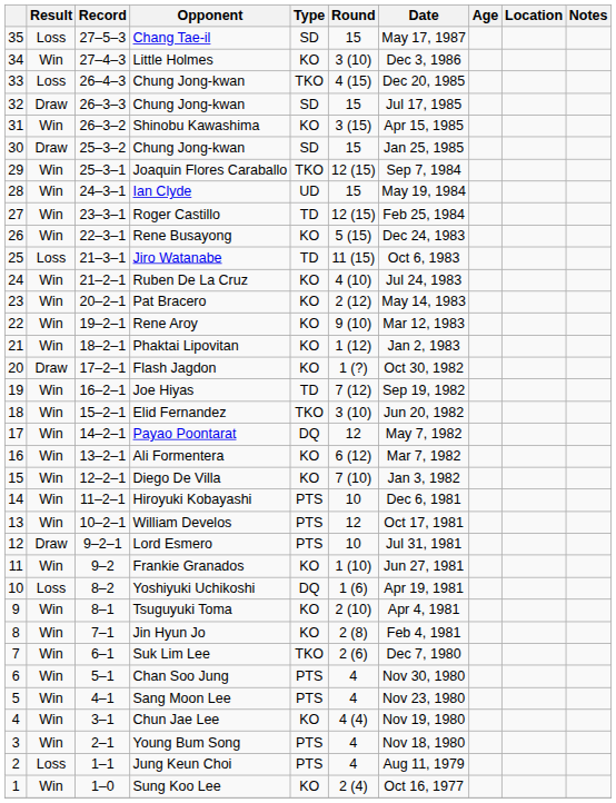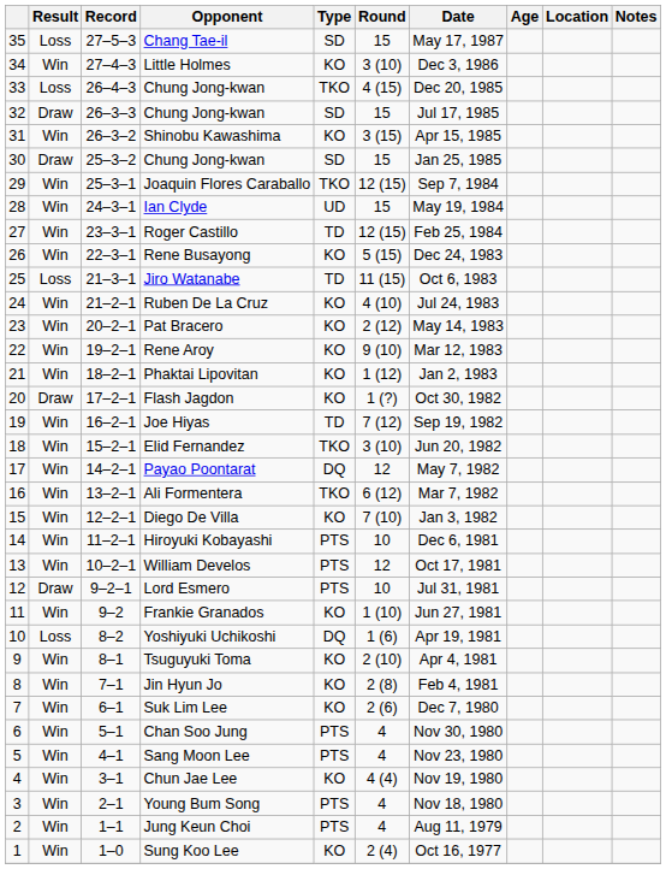 <table class="wikitable" style="text-align:center">
 <tr>
 <th></th>
 <th>Result</th>
 <th>Record</th>
 <th>Opponent</th>
 <th>Type</th>
 <th>Round</th>
 <th>Date</th>
 <th>Age</th>
 <th>Location</th>
 <th>Notes</th>
 </tr>
 <tr>
 <td>35</td>
 <td>Loss</td>
 <td>27–5–3</td>
 <td align=left><a href='#'>Chang Tae-il</a></td>
 <td>SD</td>
 <td>15</td>
 <td>May 17, 1987</td>
 <td style="text-align:left;"></td>
 <td style="text-align:left;"></td>
 <td style="text-align:left;"></td>
 </tr>
 <tr>
 <td>34</td>
 <td>Win</td>
 <td>27–4–3</td>
 <td align=left>Little Holmes</td>
 <td>KO</td>
 <td>3 (10)</td>
 <td>Dec 3, 1986</td>
 <td style="text-align:left;"></td>
 <td style="text-align:left;"></td>
 <td></td>
 </tr>
 <tr>
 <td>33</td>
 <td>Loss</td>
 <td>26–4–3</td>
 <td align=left>Chung Jong-kwan</td>
 <td>TKO</td>
 <td>4 (15)</td>
 <td>Dec 20, 1985</td>
 <td style="text-align:left;"></td>
 <td style="text-align:left;"></td>
 <td style="text-align:left;"></td>
 </tr>
 <tr>
 <td>32</td>
 <td>Draw</td>
 <td>26–3–3</td>
 <td align=left>Chung Jong-kwan</td>
 <td>SD</td>
 <td>15</td>
 <td>Jul 17, 1985</td>
 <td style="text-align:left;"></td>
 <td style="text-align:left;"></td>
 <td style="text-align:left;"></td>
 </tr>
 <tr>
 <td>31</td>
 <td>Win</td>
 <td>26–3–2</td>
 <td align=left>Shinobu Kawashima</td>
 <td>KO</td>
 <td>3 (15)</td>
 <td>Apr 15, 1985</td>
 <td style="text-align:left;"></td>
 <td style="text-align:left;"></td>
 <td style="text-align:left;"></td>
 </tr>
 <tr>
 <td>30</td>
 <td>Draw</td>
 <td>25–3–2</td>
 <td align=left>Chung Jong-kwan</td>
 <td>SD</td>
 <td>15</td>
 <td>Jan 25, 1985</td>
 <td style="text-align:left;"></td>
 <td style="text-align:left;"></td>
 <td style="text-align:left;"></td>
 </tr>
 <tr>
 <td>29</td>
 <td>Win</td>
 <td>25–3–1</td>
 <td align=left>Joaquin Flores Caraballo</td>
 <td>TKO</td>
 <td>12 (15)</td>
 <td>Sep 7, 1984</td>
 <td style="text-align:left;"></td>
 <td style="text-align:left;"></td>
 <td style="text-align:left;"></td>
 </tr>
 <tr>
 <td>28</td>
 <td>Win</td>
 <td>24–3–1</td>
 <td align=left><a href='#'>Ian Clyde</a></td>
 <td>UD</td>
 <td>15</td>
 <td>May 19, 1984</td>
 <td style="text-align:left;"></td>
 <td style="text-align:left;"></td>
 <td style="text-align:left;"></td>
 </tr>
 <tr>
 <td>27</td>
 <td>Win</td>
 <td>23–3–1</td>
 <td align=left>Roger Castillo</td>
 <td>TD</td>
 <td>12 (15)</td>
 <td>Feb 25, 1984</td>
 <td style="text-align:left;"></td>
 <td style="text-align:left;"></td>
 <td style="text-align:left;"></td>
 </tr>
 <tr>
 <td>26</td>
 <td>Win</td>
 <td>22–3–1</td>
 <td align=left>Rene Busayong</td>
 <td>KO</td>
 <td>5 (15)</td>
 <td>Dec 24, 1983</td>
 <td style="text-align:left;"></td>
 <td style="text-align:left;"></td>
 <td style="text-align:left;"></td>
 </tr>
 <tr>
 <td>25</td>
 <td>Loss</td>
 <td>21–3–1</td>
 <td align=left><a href='#'>Jiro Watanabe</a></td>
 <td>TD</td>
 <td>11 (15)</td>
 <td>Oct 6, 1983</td>
 <td style="text-align:left;"></td>
 <td style="text-align:left;"></td>
 <td style="text-align:left;"></td>
 </tr>
 <tr>
 <td>24</td>
 <td>Win</td>
 <td>21–2–1</td>
 <td align=left>Ruben De La Cruz</td>
 <td>KO</td>
 <td>4 (10)</td>
 <td>Jul 24, 1983</td>
 <td style="text-align:left;"></td>
 <td style="text-align:left;"></td>
 <td></td>
 </tr>
 <tr>
 <td>23</td>
 <td>Win</td>
 <td>20–2–1</td>
 <td align=left>Pat Bracero</td>
 <td>KO</td>
 <td>2 (12)</td>
 <td>May 14, 1983</td>
 <td style="text-align:left;"></td>
 <td style="text-align:left;"></td>
 <td style="text-align:left;"></td>
 </tr>
 <tr>
 <td>22</td>
 <td>Win</td>
 <td>19–2–1</td>
 <td align=left>Rene Aroy</td>
 <td>KO</td>
 <td>9 (10)</td>
 <td>Mar 12, 1983</td>
 <td style="text-align:left;"></td>
 <td style="text-align:left;"></td>
 <td></td>
 </tr>
 <tr>
 <td>21</td>
 <td>Win</td>
 <td>18–2–1</td>
 <td align=left>Phaktai Lipovitan</td>
 <td>KO</td>
 <td>1 (12)</td>
 <td>Jan 2, 1983</td>
 <td style="text-align:left;"></td>
 <td style="text-align:left;"></td>
 <td style="text-align:left;"></td>
 </tr>
 <tr>
 <td>20</td>
 <td>Draw</td>
 <td>17–2–1</td>
 <td align=left>Flash Jagdon</td>
 <td>KO</td>
 <td>1 (?)</td>
 <td>Oct 30, 1982</td>
 <td style="text-align:left;"></td>
 <td style="text-align:left;"></td>
 <td></td>
 </tr>
 <tr>
 <td>19</td>
 <td>Win</td>
 <td>16–2–1</td>
 <td align=left>Joe Hiyas</td>
 <td>TD</td>
 <td>7 (12)</td>
 <td>Sep 19, 1982</td>
 <td style="text-align:left;"></td>
 <td style="text-align:left;"></td>
 <td style="text-align:left;"></td>
 </tr>
 <tr>
 <td>18</td>
 <td>Win</td>
 <td>15–2–1</td>
 <td align=left>Elid Fernandez</td>
 <td>TKO</td>
 <td>3 (10)</td>
 <td>Jun 20, 1982</td>
 <td style="text-align:left;"></td>
 <td style="text-align:left;"></td>
 <td></td>
 </tr>
 <tr>
 <td>17</td>
 <td>Win</td>
 <td>14–2–1</td>
 <td align=left><a href='#'>Payao Poontarat</a></td>
 <td>DQ</td>
 <td>12</td>
 <td>May 7, 1982</td>
 <td style="text-align:left;"></td>
 <td style="text-align:left;"></td>
 <td style="text-align:left;"></td>
 </tr>
 <tr>
 <td>16</td>
 <td>Win</td>
 <td>13–2–1</td>
 <td align=left>Ali Formentera</td>
-<td>KO</td>
+<td>TKO</td>
 <td>6 (12)</td>
 <td>Mar 7, 1982</td>
 <td style="text-align:left;"></td>
 <td style="text-align:left;"></td>
 <td style="text-align:left;"></td>
 </tr>
 <tr>
 <td>15</td>
 <td>Win</td>
 <td>12–2–1</td>
 <td align=left>Diego De Villa</td>
 <td>KO</td>
 <td>7 (10)</td>
 <td>Jan 3, 1982</td>
 <td style="text-align:left;"></td>
 <td style="text-align:left;"></td>
 <td></td>
 </tr>
 <tr>
 <td>14</td>
 <td>Win</td>
 <td>11–2–1</td>
 <td align=left>Hiroyuki Kobayashi</td>
 <td>PTS</td>
 <td>10</td>
 <td>Dec 6, 1981</td>
 <td style="text-align:left;"></td>
 <td style="text-align:left;"></td>
 <td></td>
 </tr>
 <tr>
 <td>13</td>
 <td>Win</td>
 <td>10–2–1</td>
 <td align=left>William Develos</td>
 <td>PTS</td>
 <td>12</td>
 <td>Oct 17, 1981</td>
 <td style="text-align:left;"></td>
 <td style="text-align:left;"></td>
 <td style="text-align:left;"></td>
 </tr>
 <tr>
 <td>12</td>
 <td>Draw</td>
 <td>9–2–1</td>
 <td align=left>Lord Esmero</td>
 <td>PTS</td>
 <td>10</td>
 <td>Jul 31, 1981</td>
 <td style="text-align:left;"></td>
 <td style="text-align:left;"></td>
 <td></td>
 </tr>
 <tr>
 <td>11</td>
 <td>Win</td>
 <td>9–2</td>
 <td align=left>Frankie Granados</td>
 <td>KO</td>
 <td>1 (10)</td>
 <td>Jun 27, 1981</td>
 <td style="text-align:left;"></td>
 <td style="text-align:left;"></td>
 <td></td>
 </tr>
 <tr>
 <td>10</td>
 <td>Loss</td>
 <td>8–2</td>
 <td align=left>Yoshiyuki Uchikoshi</td>
 <td>DQ</td>
 <td>1 (6)</td>
 <td>Apr 19, 1981</td>
 <td style="text-align:left;"></td>
 <td style="text-align:left;"></td>
 <td></td>
 </tr>
 <tr>
 <td>9</td>
 <td>Win</td>
 <td>8–1</td>
 <td align=left>Tsuguyuki Toma</td>
 <td>KO</td>
 <td>2 (10)</td>
 <td>Apr 4, 1981</td>
 <td style="text-align:left;"></td>
 <td style="text-align:left;"></td>
 <td></td>
 </tr>
 <tr>
 <td>8</td>
 <td>Win</td>
 <td>7–1</td>
 <td align=left>Jin Hyun Jo</td>
 <td>KO</td>
 <td>2 (8)</td>
 <td>Feb 4, 1981</td>
 <td style="text-align:left;"></td>
 <td style="text-align:left;"></td>
 <td></td>
 </tr>
 <tr>
 <td>7</td>
 <td>Win</td>
 <td>6–1</td>
 <td align=left>Suk Lim Lee</td>
-<td>TKO</td>
+<td>KO</td>
 <td>2 (6)</td>
 <td>Dec 7, 1980</td>
 <td style="text-align:left;"></td>
 <td style="text-align:left;"></td>
 <td></td>
 </tr>
 <tr>
 <td>6</td>
 <td>Win</td>
 <td>5–1</td>
 <td align=left>Chan Soo Jung</td>
 <td>PTS</td>
 <td>4</td>
 <td>Nov 30, 1980</td>
 <td style="text-align:left;"></td>
 <td style="text-align:left;"></td>
 <td></td>
 </tr>
 <tr>
 <td>5</td>
 <td>Win</td>
 <td>4–1</td>
 <td align=left>Sang Moon Lee</td>
 <td>PTS</td>
 <td>4</td>
 <td>Nov 23, 1980</td>
 <td style="text-align:left;"></td>
 <td style="text-align:left;"></td>
 <td></td>
 </tr>
 <tr>
 <td>4</td>
 <td>Win</td>
 <td>3–1</td>
 <td align=left>Chun Jae Lee</td>
 <td>KO</td>
 <td>4 (4)</td>
 <td>Nov 19, 1980</td>
 <td style="text-align:left;"></td>
 <td style="text-align:left;"></td>
 <td></td>
 </tr>
 <tr>
 <td>3</td>
 <td>Win</td>
 <td>2–1</td>
 <td align=left>Young Bum Song</td>
 <td>PTS</td>
 <td>4</td>
 <td>Nov 18, 1980</td>
 <td style="text-align:left;"></td>
 <td style="text-align:left;"></td>
 <td></td>
 </tr>
 <tr>
 <td>2</td>
-<td>Loss</td>
+<td>Win</td>
 <td>1–1</td>
 <td align=left>Jung Keun Choi</td>
 <td>PTS</td>
 <td>4</td>
 <td>Aug 11, 1979</td>
 <td style="text-align:left;"></td>
 <td style="text-align:left;"></td>
 <td></td>
 </tr>
 <tr>
 <td>1</td>
 <td>Win</td>
 <td>1–0</td>
 <td align=left>Sung Koo Lee</td>
 <td>KO</td>
 <td>2 (4)</td>
 <td>Oct 16, 1977</td>
 <td style="text-align:left;"></td>
 <td style="text-align:left;"></td>
 <td></td>
 </tr>
 <tr>
 </tr>
 </table>
